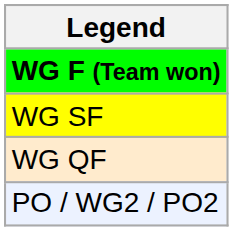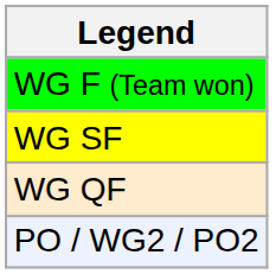 <table class=wikitable style=font-size:85%>
 <tr>
 <th>Legend</th>
 </tr>
 <tr>
-<td bgcolor=lime><strong>WG F <small>(Team won)</small></strong></td>
+<td bgcolor=lime>WG F <small>(Team won)</small></td>
 </tr>
 <tr>
 <td bgcolor=yellow>WG SF</td>
 </tr>
 <tr>
 <td bgcolor=#ffebcd>WG QF</td>
 </tr>
 <tr>
 <td bgcolor=#ecf2ff>PO / WG2 / PO2</td>
 </tr>
 </table>
